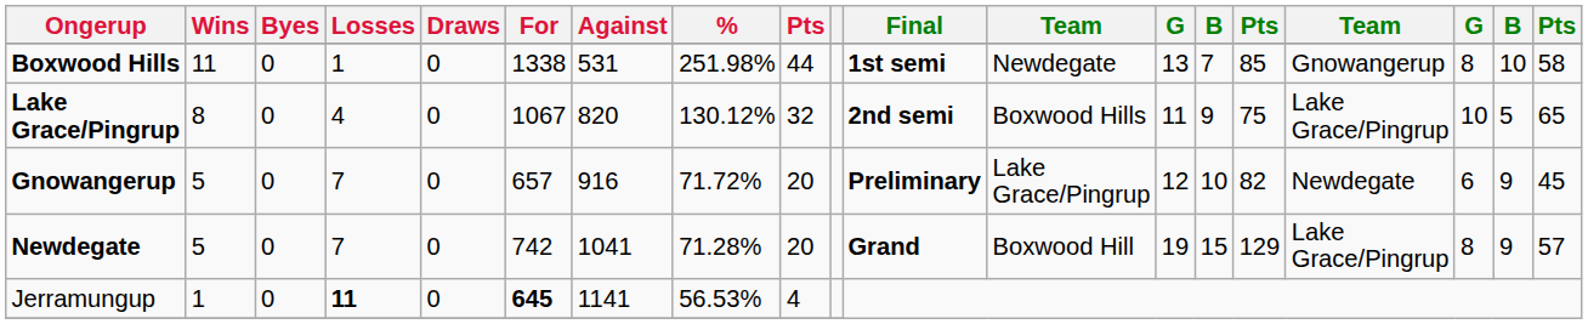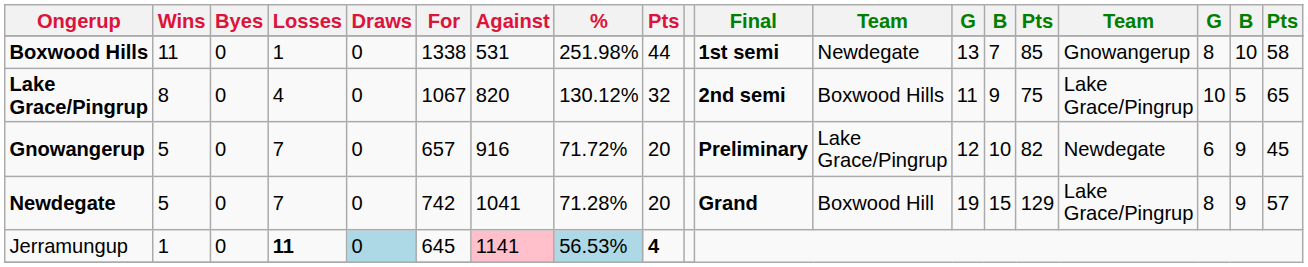 <table style="font-size: 85%; text-align: left;" class="wikitable">
 <tr>
 <th style="color:crimson">Ongerup</th>
 <th style="color:crimson">Wins</th>
 <th style="color:crimson">Byes</th>
 <th style="color:crimson">Losses</th>
 <th style="color:crimson">Draws</th>
 <th style="color:crimson">For</th>
 <th style="color:crimson">Against</th>
 <th style="color:crimson">%</th>
 <th style="color:crimson">Pts</th>
 <th></th>
 <th style="color:green">Final</th>
 <th style="color:green">Team</th>
 <th style="color:green">G</th>
 <th style="color:green">B</th>
 <th style="color:green">Pts</th>
 <th style="color:green">Team</th>
 <th style="color:green">G</th>
 <th style="color:green">B</th>
 <th style="color:green">Pts</th>
 </tr>
 <tr>
 </tr>
 <tr>
 </tr>
 <tr>
 <td><strong>	Boxwood Hills	</strong></td>
 <td>11</td>
 <td>0</td>
 <td>1</td>
 <td>0</td>
 <td>1338</td>
 <td>531</td>
 <td>251.98%</td>
 <td>44</td>
 <td></td>
 <td><strong>1st semi</strong></td>
 <td>Newdegate</td>
 <td>13</td>
 <td>7</td>
 <td>85</td>
 <td>Gnowangerup</td>
 <td>8</td>
 <td>10</td>
 <td>58</td>
 </tr>
 <tr>
 <td><strong>	Lake Grace/Pingrup	</strong></td>
 <td>8</td>
 <td>0</td>
 <td>4</td>
 <td>0</td>
 <td>1067</td>
 <td>820</td>
 <td>130.12%</td>
 <td>32</td>
 <td></td>
 <td><strong>2nd semi</strong></td>
 <td>Boxwood Hills</td>
 <td>11</td>
 <td>9</td>
 <td>75</td>
 <td>Lake Grace/Pingrup</td>
 <td>10</td>
 <td>5</td>
 <td>65</td>
 </tr>
 <tr>
 <td><strong>	Gnowangerup	</strong></td>
 <td>5</td>
 <td>0</td>
 <td>7</td>
 <td>0</td>
 <td>657</td>
 <td>916</td>
 <td>71.72%</td>
 <td>20</td>
 <td></td>
 <td><strong>Preliminary</strong></td>
 <td>Lake Grace/Pingrup</td>
 <td>12</td>
 <td>10</td>
 <td>82</td>
 <td>Newdegate</td>
 <td>6</td>
 <td>9</td>
 <td>45</td>
 </tr>
 <tr>
 <td><strong>	Newdegate	</strong></td>
 <td>5</td>
 <td>0</td>
 <td>7</td>
 <td>0</td>
 <td>742</td>
 <td>1041</td>
 <td>71.28%</td>
 <td>20</td>
 <td></td>
 <td><strong>Grand</strong></td>
 <td>Boxwood Hill</td>
 <td>19</td>
 <td>15</td>
 <td>129</td>
 <td>Lake Grace/Pingrup</td>
 <td>8</td>
 <td>9</td>
 <td>57</td>
 </tr>
 <tr>
 <td>Jerramungup</td>
 <td>1</td>
 <td>0</td>
 <td><strong>11</strong></td>
-<td>0</td>
-<td><strong>645</strong></td>
-<td>1141</td>
-<td>56.53%</td>
-<td>4</td>
+<td style="background: lightblue;">0</td>
+<td>645</td>
+<td style="background: pink;">1141</td>
+<td style="background: lightblue;">56.53%</td>
+<td><strong>4</strong></td>
 <td></td>
 </tr>
 <tr>
 </tr>
 </table>
